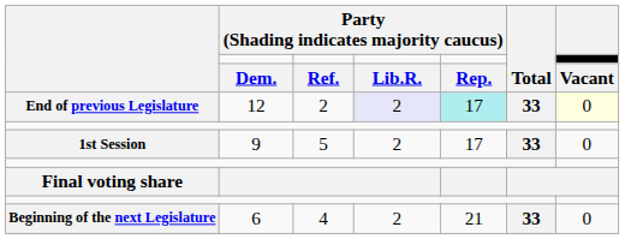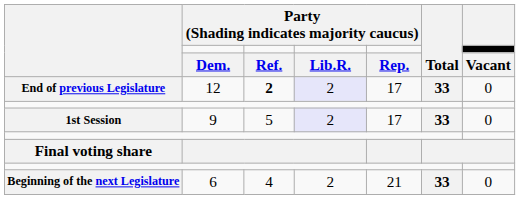 <table class=wikitable style="text-align:center">
 <tr style="vertical-align:bottom;">
 <th rowspan=3></th>
 <th colspan=4>Party <div>(Shading indicates majority caucus)</div></th>
 <th rowspan=3>Total</th>
 <th></th>
 </tr>
 <tr style="height:5px">
 <td style="background-color:"></td>
 <td style="background-color:"></td>
 <td style="background-color:"></td>
 <td style="background-color:"></td>
 <td style="background:black;"></td>
 </tr>
 <tr>
 <th><a href='#'>Dem.</a></th>
 <th><a href='#'>Ref.</a></th>
 <th><a href='#'>Lib.R.</a></th>
 <th><a href='#'>Rep.</a></th>
 <th>Vacant</th>
 </tr>
 <tr>
 <th style="font-size:80%;">End of <a href='#'>previous Legislature</a></th>
 <td>12</td>
-<td>2</td>
+<td><strong>2</strong></td>
 <td style="background: lavender;">2</td>
-<td style="background: paleturquoise;">17</td>
+<td>17</td>
 <th>33</th>
-<td style="background: lightyellow;">0</td>
+<td>0</td>
 </tr>
 <tr>
 <td colspan=6></td>
 </tr>
 <tr>
 <th style="font-size:80%;">1st Session</th>
 <td>9</td>
 <td>5</td>
-<td>2</td>
+<td style="background: lavender;">2</td>
 <td>17</td>
 <th>33</th>
 <td>0</td>
 </tr>
 <tr>
 <td colspan=6></td>
 </tr>
 <tr>
 <th>Final voting share</th>
 <th colspan=3></th>
 <th></th>
 <th colspan=2></th>
 </tr>
 <tr>
 <td colspan=6></td>
 </tr>
 <tr>
 <th style="font-size:80%;">Beginning of the <a href='#'>next Legislature</a></th>
 <td>6</td>
 <td>4</td>
 <td>2</td>
 <td>21</td>
 <th>33</th>
 <td>0</td>
 </tr>
 </table>
